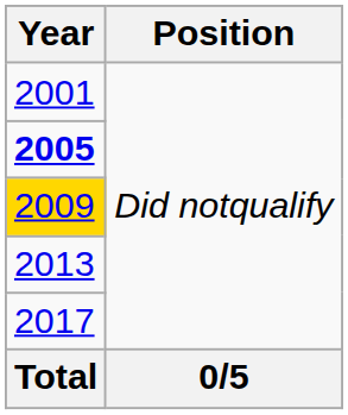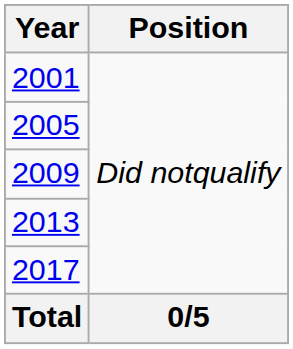 <table class="wikitable" text-align:center;">
 <tr>
 <th>Year</th>
 <th>Position</th>
 </tr>
 <tr>
 <td> <a href='#'>2001</a></td>
 <td rowspan=5><em>Did notqualify</em></td>
 </tr>
 <tr>
-<td><strong> <a href='#'>2005</a></strong></td>
+<td> <a href='#'>2005</a></td>
 </tr>
 <tr>
-<td style="background: gold;"> <a href='#'>2009</a></td>
+<td> <a href='#'>2009</a></td>
 </tr>
 <tr>
 <td> <a href='#'>2013</a></td>
 </tr>
 <tr>
 <td> <a href='#'>2017</a></td>
 </tr>
 <tr>
 <th>Total</th>
 <th>0/5</th>
 </tr>
 </table>
